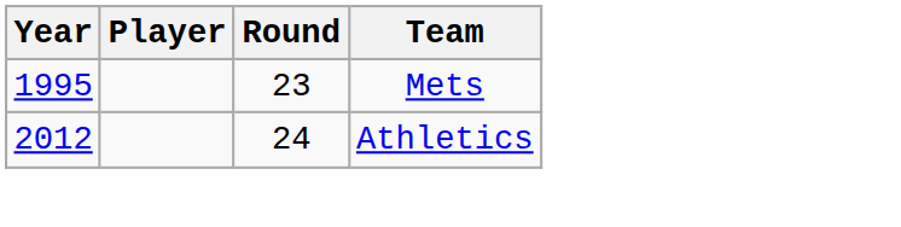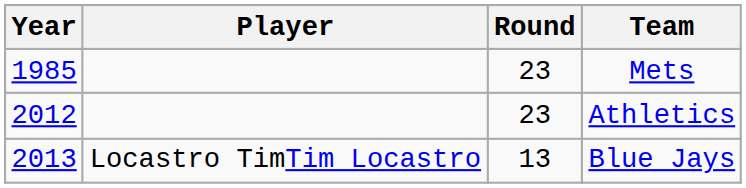 <table class="wikitable sortable">
 <tr>
 <th>Year</th>
 <th>Player</th>
 <th>Round</th>
 <th>Team</th>
 </tr>
 <tr valign="center">
-<td align="center"><a href='#'>1995</a></td>
+<td align="center"><a href='#'>1985</a></td>
 <td align="center"></td>
 <td align="center">23</td>
 <td align="center"><a href='#'>Mets</a></td>
 </tr>
 <tr valign="center">
 <td align="center"><a href='#'>2012</a></td>
 <td align="center"></td>
-<td align="center">24</td>
+<td align="center">23</td>
 <td align="center"><a href='#'>Athletics</a></td>
 </tr>
+<tr valign="center">
+<td align="center"><a href='#'>2013</a></td>
+<td align="center"><span>Locastro Tim</span><a href='#'>Tim Locastro</a></td>
+<td align="center">13</td>
+<td align="center"><a href='#'>Blue Jays</a></td>
+</tr>
 </table>
